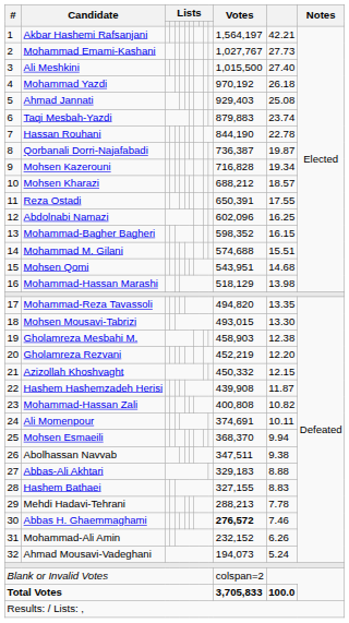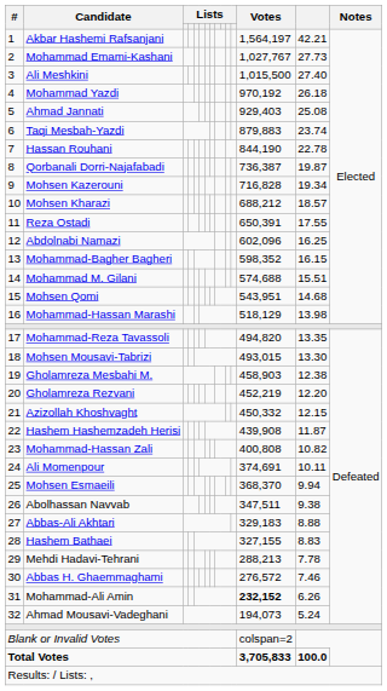 <table class=wikitable style=text-align:left>
 <tr>
 <th rowspan="2">#</th>
 <th rowspan="2">Candidate</th>
 <th colspan="10">Lists</th>
 <th rowspan="2">Votes</th>
 <th rowspan="2"></th>
 <th rowspan="2">Notes</th>
 </tr>
 <tr>
 <th></th>
 <th></th>
 <th></th>
 <th></th>
 <th></th>
 <th></th>
 <th></th>
 <th></th>
 <th></th>
 <th></th>
 </tr>
 <tr>
 <td>1</td>
 <td><a href='#'>Akbar Hashemi Rafsanjani</a></td>
 <td style="text-align:center;"></td>
 <td style="text-align:center;"></td>
 <td style="text-align:center;"></td>
 <td style="text-align:center;"></td>
 <td></td>
 <td style="text-align:center;"></td>
 <td style="text-align:center;" colspan=2></td>
 <td style="text-align:center;"></td>
 <td></td>
 <td>1,564,197</td>
 <td>42.21</td>
 <td rowspan="16" align=center>Elected</td>
 </tr>
 <tr>
 <td>2</td>
 <td><a href='#'>Mohammad Emami-Kashani</a></td>
 <td colspan=2></td>
 <td style="text-align:center;"></td>
 <td style="text-align:center;"></td>
 <td></td>
 <td style="text-align:center;"></td>
 <td style="text-align:center;" colspan=2></td>
 <td style="text-align:center;"></td>
 <td></td>
 <td>1,027,767</td>
 <td>27.73</td>
 </tr>
 <tr>
 <td>3</td>
 <td><a href='#'>Ali Meshkini</a></td>
 <td></td>
 <td style="text-align:center;"></td>
 <td style="text-align:center;"></td>
 <td style="text-align:center;"></td>
 <td></td>
 <td style="text-align:center;"></td>
 <td style="text-align:center;" colspan=2></td>
 <td style="text-align:center;"></td>
 <td style="text-align:center;"></td>
 <td>1,015,500</td>
 <td>27.40</td>
 </tr>
 <tr>
 <td>4</td>
 <td><a href='#'>Mohammad Yazdi</a></td>
 <td colspan=2></td>
 <td style="text-align:center;"></td>
 <td></td>
 <td style="text-align:center;"></td>
 <td style="text-align:center;"></td>
 <td style="text-align:center;" colspan=2></td>
 <td style="text-align:center;"></td>
 <td style="text-align:center;"></td>
 <td>970,192</td>
 <td>26.18</td>
 </tr>
 <tr>
 <td>5</td>
 <td><a href='#'>Ahmad Jannati</a></td>
 <td colspan=3></td>
 <td style="text-align:center;"></td>
 <td></td>
 <td style="text-align:center;"></td>
 <td style="text-align:center;" colspan=2></td>
 <td style="text-align:center;"></td>
 <td style="text-align:center;"></td>
 <td>929,403</td>
 <td>25.08</td>
 </tr>
 <tr>
 <td>6</td>
 <td><a href='#'>Taqi Mesbah-Yazdi</a></td>
 <td colspan=5></td>
 <td style="text-align:center;"></td>
 <td style="text-align:center;" colspan=2></td>
 <td style="text-align:center;"></td>
 <td style="text-align:center;"></td>
 <td>879,883</td>
 <td>23.74</td>
 </tr>
 <tr>
 <td>7</td>
 <td><a href='#'>Hassan Rouhani</a></td>
 <td style="text-align:center;"></td>
 <td style="text-align:center;"></td>
 <td style="text-align:center;"></td>
 <td style="text-align:center;"></td>
 <td></td>
 <td style="text-align:center;"></td>
 <td style="text-align:center;" colspan=2></td>
 <td colspan=2></td>
 <td>844,190</td>
 <td>22.78</td>
 </tr>
 <tr>
 <td>8</td>
 <td><a href='#'>Qorbanali Dorri-Najafabadi</a></td>
 <td style="text-align:center;"></td>
 <td></td>
 <td style="text-align:center;"></td>
 <td style="text-align:center;"></td>
 <td style="text-align:center;"></td>
 <td style="text-align:center;"></td>
 <td style="text-align:center;" colspan=2></td>
 <td style="text-align:center;"></td>
 <td></td>
 <td>736,387</td>
 <td>19.87</td>
 </tr>
 <tr>
 <td>9</td>
 <td><a href='#'>Mohsen Kazerouni</a></td>
 <td></td>
 <td style="text-align:center;"></td>
 <td></td>
 <td style="text-align:center;"></td>
 <td colspan=2></td>
 <td style="text-align:center;" colspan=2></td>
 <td style="text-align:center;"></td>
 <td></td>
 <td>716,828</td>
 <td>19.34</td>
 </tr>
 <tr>
 <td>10</td>
 <td><a href='#'>Mohsen Kharazi</a></td>
 <td style="text-align:center;"></td>
 <td style="text-align:center;"></td>
 <td style="text-align:center;"></td>
 <td style="text-align:center;"></td>
 <td></td>
 <td style="text-align:center;"></td>
 <td style="text-align:center;" colspan=2></td>
 <td style="text-align:center;"></td>
 <td style="text-align:center;"></td>
 <td>688,212</td>
 <td>18.57</td>
 </tr>
 <tr>
 <td>11</td>
 <td><a href='#'>Reza Ostadi</a></td>
 <td style="text-align:center;"></td>
 <td colspan=2></td>
 <td style="text-align:center;"></td>
 <td style="text-align:center;"></td>
 <td style="text-align:center;"></td>
 <td style="text-align:center;" colspan=2></td>
 <td style="text-align:center;"></td>
 <td style="text-align:center;"></td>
 <td>650,391</td>
 <td>17.55</td>
 </tr>
 <tr>
 <td>12</td>
 <td><a href='#'>Abdolnabi Namazi</a></td>
 <td colspan=6></td>
 <td style="text-align:center;" colspan=2></td>
 <td style="text-align:center;"></td>
 <td style="text-align:center;"></td>
 <td>602,096</td>
 <td>16.25</td>
 </tr>
 <tr>
 <td>13</td>
 <td><a href='#'>Mohammad-Bagher Bagheri</a></td>
 <td style="text-align:center;"></td>
 <td style="text-align:center;"></td>
 <td colspan=4></td>
 <td style="text-align:center;" colspan=2></td>
 <td style="text-align:center;"></td>
 <td></td>
 <td>598,352</td>
 <td>16.15</td>
 </tr>
 <tr>
 <td>14</td>
 <td><a href='#'>Mohammad M. Gilani</a></td>
 <td></td>
 <td style="text-align:center;"></td>
 <td style="text-align:center;"></td>
 <td style="text-align:center;"></td>
 <td colspan=2></td>
 <td style="text-align:center;" colspan=2></td>
 <td style="text-align:center;"></td>
 <td style="text-align:center;"></td>
 <td>574,688</td>
 <td>15.51</td>
 </tr>
 <tr>
 <td>15</td>
 <td><a href='#'>Mohsen Qomi</a></td>
 <td style="text-align:center;"></td>
 <td style="text-align:center;"></td>
 <td style="text-align:center;"></td>
 <td style="text-align:center;"></td>
 <td style="text-align:center;"></td>
 <td style="text-align:center;"></td>
 <td colspan=4></td>
 <td>543,951</td>
 <td>14.68</td>
 </tr>
 <tr>
 <td>16</td>
 <td><a href='#'>Mohammad-Hassan Marashi</a></td>
 <td colspan=2></td>
 <td style="text-align:center;"></td>
 <td colspan=7></td>
 <td>518,129</td>
 <td>13.98</td>
 </tr>
 <tr>
 <td colspan="16" style="background:#E9E9E9;"></td>
 </tr>
 <tr>
 <td>17</td>
 <td><a href='#'>Mohammad-Reza Tavassoli</a></td>
 <td style="text-align:center;"></td>
 <td></td>
 <td style="text-align:center;"></td>
 <td style="text-align:center;"></td>
 <td colspan=6></td>
 <td>494,820</td>
 <td>13.35</td>
 <td rowspan=16 align=center>Defeated</td>
 </tr>
 <tr>
 <td>18</td>
 <td><a href='#'>Mohsen Mousavi-Tabrizi</a></td>
 <td style="text-align:center;"></td>
 <td style="text-align:center;"></td>
 <td colspan=8></td>
 <td>493,015</td>
 <td>13.30</td>
 </tr>
 <tr>
 <td>19</td>
 <td><a href='#'>Gholamreza Mesbahi M.</a></td>
 <td colspan=6></td>
 <td style="text-align:center;" colspan=2></td>
 <td style="text-align:center;"></td>
 <td></td>
 <td>458,903</td>
 <td>12.38</td>
 </tr>
 <tr>
 <td>20</td>
 <td><a href='#'>Gholamreza Rezvani</a></td>
 <td style="text-align:center;"></td>
 <td></td>
 <td style="text-align:center;"></td>
 <td style="text-align:center;"></td>
 <td colspan=2></td>
 <td style="text-align:center;" colspan=2></td>
 <td colspan=2></td>
 <td>452,219</td>
 <td>12.20</td>
 </tr>
 <tr>
 <td>21</td>
 <td><a href='#'>Azizollah Khoshvaght</a></td>
 <td colspan=8></td>
 <td style="text-align:center;"></td>
 <td style="text-align:center;"></td>
 <td>450,332</td>
 <td>12.15</td>
 </tr>
 <tr>
 <td>22</td>
 <td><a href='#'>Hashem Hashemzadeh Herisi</a></td>
 <td style="text-align:center;"></td>
 <td style="text-align:center;"></td>
 <td style="text-align:center;"></td>
 <td style="text-align:center;"></td>
 <td colspan=6></td>
 <td>439,908</td>
 <td>11.87</td>
 </tr>
 <tr>
 <td>23</td>
 <td><a href='#'>Mohammad-Hassan Zali</a></td>
 <td></td>
 <td style="text-align:center;"></td>
 <td colspan=2></td>
 <td style="text-align:center;"></td>
 <td style="text-align:center;"></td>
 <td colspan=4></td>
 <td>400,808</td>
 <td>10.82</td>
 </tr>
 <tr>
 <td>24</td>
 <td><a href='#'>Ali Momenpour</a></td>
 <td style="text-align:center;"></td>
 <td></td>
 <td style="text-align:center;"></td>
 <td colspan=6></td>
 <td style="text-align:center;"></td>
 <td>374,691</td>
 <td>10.11</td>
 </tr>
 <tr>
 <td>25</td>
 <td><a href='#'>Mohsen Esmaeili</a></td>
 <td></td>
 <td style="text-align:center;"></td>
 <td colspan=2></td>
 <td style="text-align:center;"></td>
 <td style="text-align:center;"></td>
 <td colspan=2></td>
 <td style="text-align:center;"></td>
 <td></td>
 <td>368,370</td>
 <td>9.94</td>
 </tr>
 <tr>
 <td>26</td>
 <td>Abolhassan Navvab</td>
 <td colspan=3></td>
 <td style="text-align:center;"></td>
 <td style="text-align:center;"></td>
 <td style="text-align:center;"></td>
 <td colspan=4></td>
 <td>347,511</td>
 <td>9.38</td>
 </tr>
 <tr>
 <td>27</td>
 <td><a href='#'>Abbas-Ali Akhtari</a></td>
 <td colspan=9></td>
 <td style="text-align:center;"></td>
 <td>329,183</td>
 <td>8.88</td>
 </tr>
 <tr>
 <td>28</td>
 <td><a href='#'>Hashem Bathaei</a></td>
 <td></td>
 <td style="text-align:center;"></td>
 <td colspan=8></td>
 <td>327,155</td>
 <td>8.83</td>
 </tr>
 <tr>
 <td>29</td>
 <td>Mehdi Hadavi-Tehrani</td>
 <td></td>
 <td style="text-align:center;"></td>
 <td colspan=2></td>
 <td style="text-align:center;"></td>
 <td style="text-align:center;"></td>
 <td colspan=4></td>
 <td>288,213</td>
 <td>7.78</td>
 </tr>
 <tr>
 <td>30</td>
 <td><a href='#'>Abbas H. Ghaemmaghami</a></td>
 <td></td>
 <td style="text-align:center;"></td>
 <td></td>
 <td style="text-align:center;"></td>
 <td style="text-align:center;"></td>
 <td style="text-align:center;"></td>
 <td colspan=4></td>
-<td><strong>276,572</strong></td>
+<td>276,572</td>
 <td>7.46</td>
 </tr>
 <tr>
 <td>31</td>
 <td>Mohammad-Ali Amin</td>
 <td></td>
 <td style="text-align:center;"></td>
 <td colspan=8></td>
-<td>232,152</td>
+<td><strong>232,152</strong></td>
 <td>6.26</td>
 </tr>
 <tr>
 <td>32</td>
 <td>Ahmad Mousavi-Vadeghani</td>
 <td colspan=10></td>
 <td>194,073</td>
 <td>5.24</td>
 </tr>
 <tr>
 <td colspan="15" style="background:#E9E9E9;"></td>
 </tr>
 <tr>
 <td colspan="12"><em>Blank or Invalid Votes</em></td>
 <td>colspan=2 </td>
 </tr>
 <tr>
 <td colspan="12"><strong>Total Votes</strong></td>
 <td><strong>3,705,833</strong></td>
 <td><strong>100.0</strong></td>
 </tr>
 <tr>
 <td colspan="16" style="text-align:left;">Results:  / Lists: , </td>
 </tr>
 </table>
